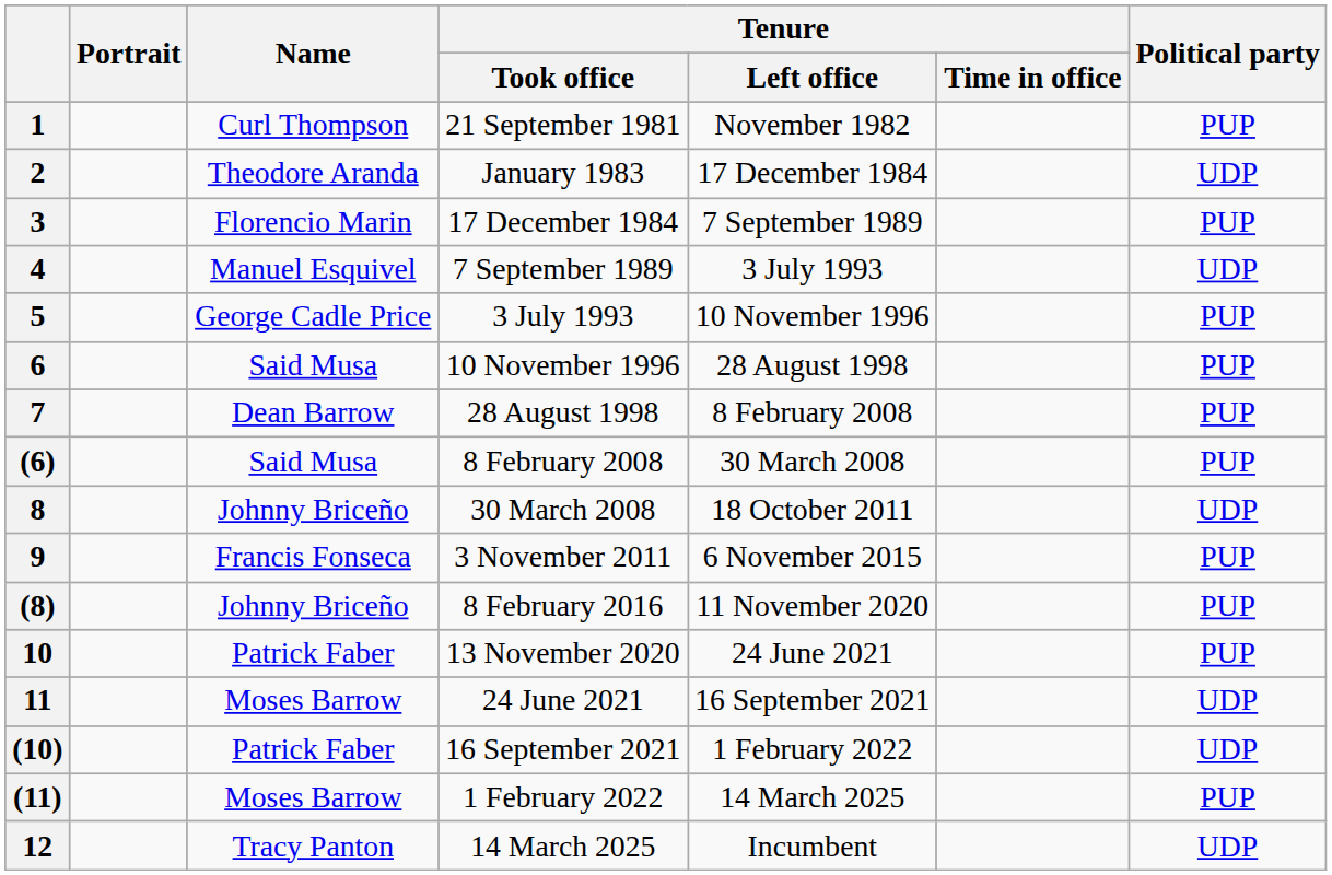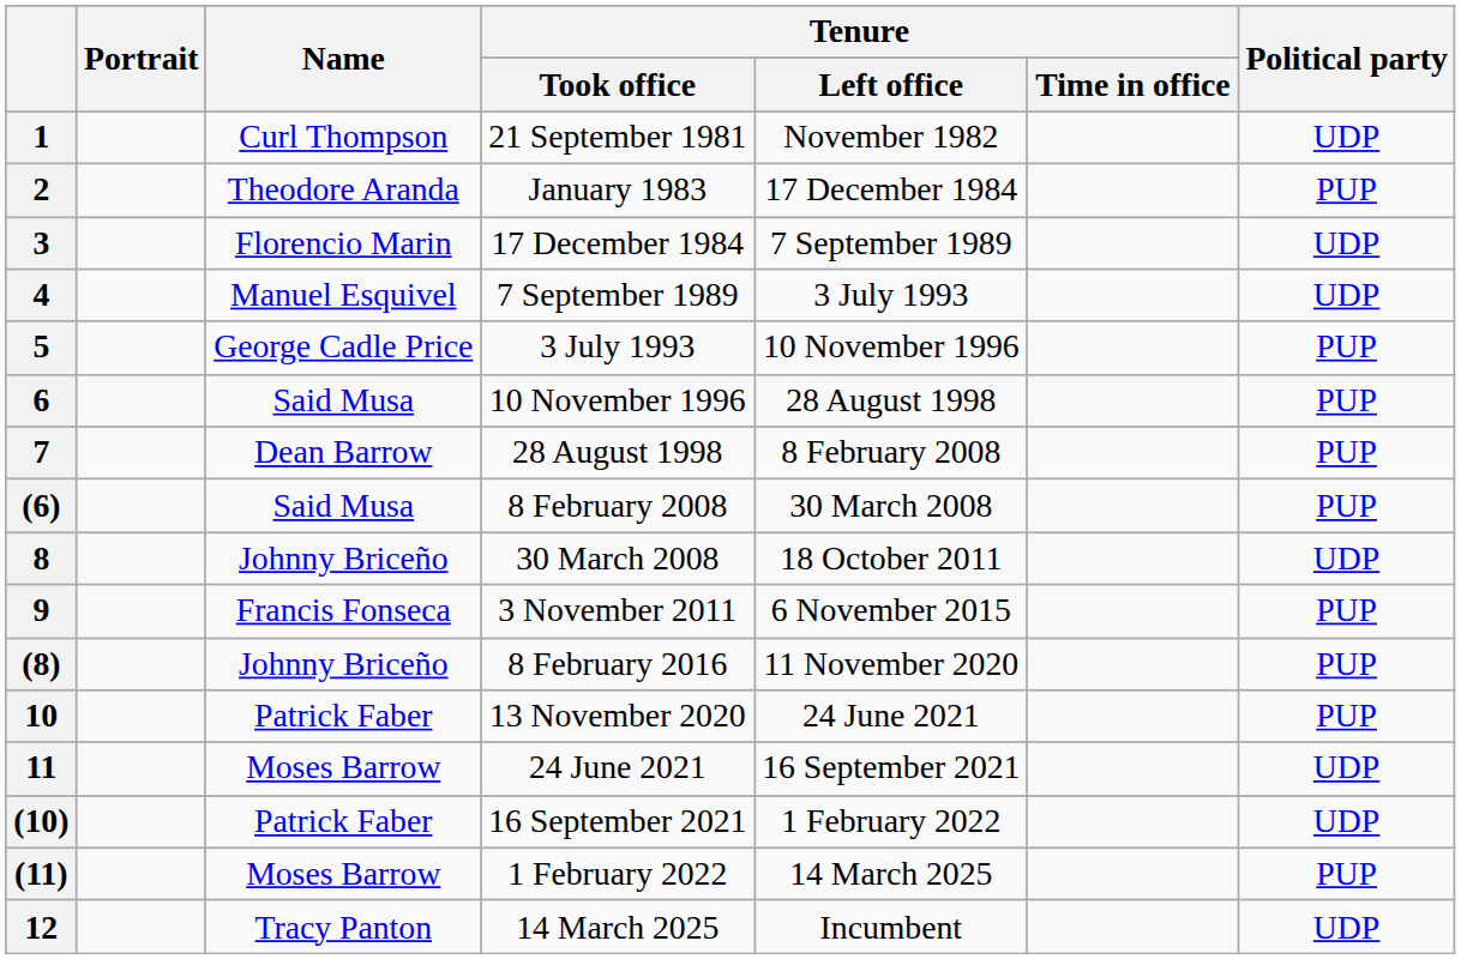 <table class="wikitable" style="text-align:center">
 <tr>
 <th rowspan="2"></th>
 <th rowspan="2">Portrait</th>
 <th rowspan="2">Name</th>
 <th colspan="3">Tenure</th>
 <th colspan="2" rowspan="2">Political party</th>
 </tr>
 <tr>
 <th>Took office</th>
 <th>Left office</th>
 <th>Time in office</th>
 </tr>
 <tr>
 <th style="background:">1</th>
 <td></td>
 <td><a href='#'>Curl Thompson</a></td>
 <td>21 September 1981</td>
 <td>November 1982</td>
 <td></td>
-<td><a href='#'>PUP</a></td>
+<td><a href='#'>UDP</a></td>
 </tr>
 <tr>
 <th style="background:">2</th>
 <td></td>
 <td><a href='#'>Theodore Aranda</a></td>
 <td>January 1983</td>
 <td>17 December 1984</td>
 <td></td>
-<td><a href='#'>UDP</a></td>
+<td><a href='#'>PUP</a></td>
 </tr>
 <tr>
 <th style="background:">3</th>
 <td></td>
 <td><a href='#'>Florencio Marin</a></td>
 <td>17 December 1984</td>
 <td>7 September 1989</td>
 <td></td>
-<td><a href='#'>PUP</a></td>
+<td><a href='#'>UDP</a></td>
 </tr>
 <tr>
 <th style="background:">4</th>
 <td></td>
 <td><a href='#'>Manuel Esquivel</a></td>
 <td>7 September 1989</td>
 <td>3 July 1993</td>
 <td></td>
 <td><a href='#'>UDP</a></td>
 </tr>
 <tr>
 <th style="background:">5</th>
 <td></td>
 <td><a href='#'>George Cadle Price</a></td>
 <td>3 July 1993</td>
 <td>10 November 1996</td>
 <td></td>
 <td><a href='#'>PUP</a></td>
 </tr>
 <tr>
 <th style="background:">6</th>
 <td></td>
 <td><a href='#'>Said Musa</a><br></td>
 <td>10 November 1996</td>
 <td>28 August 1998</td>
 <td></td>
 <td><a href='#'>PUP</a></td>
 </tr>
 <tr>
 <th style="background:">7</th>
 <td></td>
 <td><a href='#'>Dean Barrow</a></td>
 <td>28 August 1998</td>
 <td>8 February 2008</td>
 <td></td>
 <td><a href='#'>PUP</a></td>
 </tr>
 <tr>
 <th style="background:">(6)</th>
 <td></td>
 <td><a href='#'>Said Musa</a><br></td>
 <td>8 February 2008</td>
 <td>30 March 2008</td>
 <td></td>
 <td><a href='#'>PUP</a></td>
 </tr>
 <tr>
 <th style="background:">8</th>
 <td></td>
 <td><a href='#'>Johnny Briceño</a><br></td>
 <td>30 March 2008</td>
 <td>18 October 2011</td>
 <td></td>
 <td><a href='#'>UDP</a></td>
 </tr>
 <tr>
 <th style="background:">9</th>
 <td></td>
 <td><a href='#'>Francis Fonseca</a></td>
 <td>3 November 2011</td>
 <td>6 November 2015</td>
 <td></td>
 <td><a href='#'>PUP</a></td>
 </tr>
 <tr>
 <th style="background:">(8)</th>
 <td></td>
 <td><a href='#'>Johnny Briceño</a><br></td>
 <td>8 February 2016</td>
 <td>11 November 2020</td>
 <td></td>
 <td><a href='#'>PUP</a></td>
 </tr>
 <tr>
 <th style="background:">10</th>
 <td></td>
 <td><a href='#'>Patrick Faber</a><br></td>
 <td>13 November 2020</td>
 <td>24 June 2021</td>
 <td></td>
 <td><a href='#'>PUP</a></td>
 </tr>
 <tr>
 <th style="background:">11</th>
 <td></td>
 <td><a href='#'>Moses Barrow</a> <br></td>
 <td>24 June 2021</td>
 <td>16 September 2021</td>
 <td></td>
 <td><a href='#'>UDP</a></td>
 </tr>
 <tr>
 <th style="background:">(10)</th>
 <td></td>
 <td><a href='#'>Patrick Faber</a><br></td>
 <td>16 September 2021</td>
 <td>1 February 2022</td>
 <td></td>
 <td><a href='#'>UDP</a></td>
 </tr>
 <tr>
 <th style="background:">(11)</th>
 <td></td>
 <td><a href='#'>Moses Barrow</a><br></td>
 <td>1 February 2022</td>
 <td>14 March 2025</td>
 <td></td>
 <td><a href='#'>PUP</a></td>
 </tr>
 <tr>
 <th style="background:">12</th>
 <td></td>
 <td><a href='#'>Tracy Panton</a></td>
 <td>14 March 2025</td>
 <td>Incumbent</td>
 <td></td>
 <td><a href='#'>UDP</a></td>
 </tr>
 </table>
